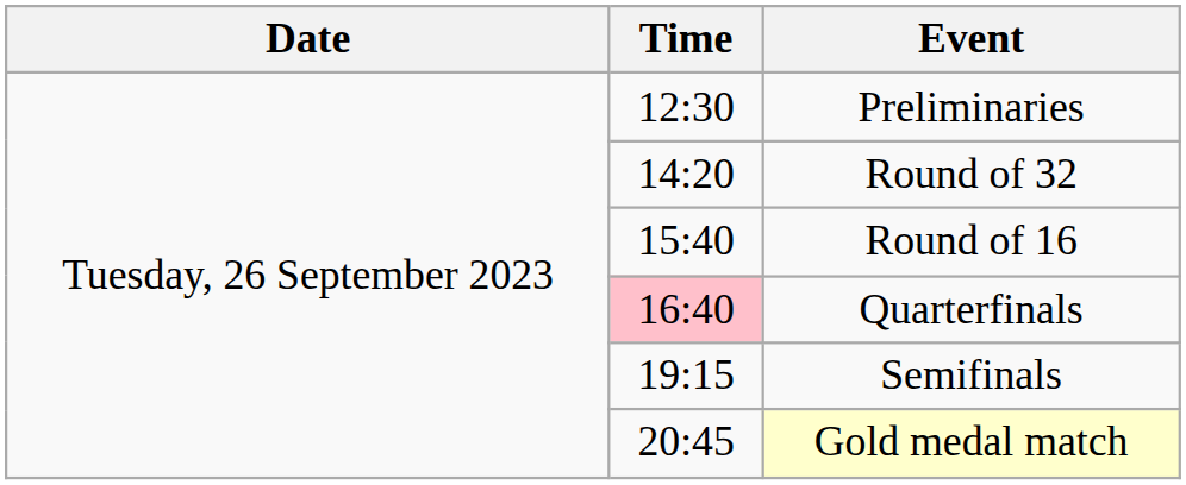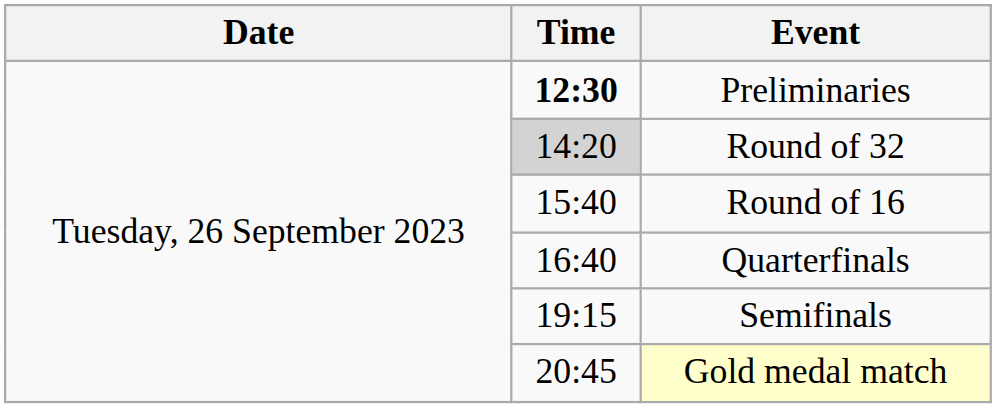 <table class = "wikitable" style="text-align:center;">
 <tr>
 <th width=220>Date</th>
 <th width=50>Time</th>
 <th width=150>Event</th>
 </tr>
 <tr>
 <td rowspan=6>Tuesday, 26 September 2023</td>
-<td>12:30</td>
+<td><strong>12:30</strong></td>
 <td>Preliminaries</td>
 </tr>
 <tr>
-<td>14:20</td>
+<td style="background: lightgrey;">14:20</td>
 <td>Round of 32</td>
 </tr>
 <tr>
 <td>15:40</td>
 <td>Round of 16</td>
 </tr>
 <tr>
-<td style="background: pink;">16:40</td>
+<td>16:40</td>
 <td>Quarterfinals</td>
 </tr>
 <tr>
 <td>19:15</td>
 <td>Semifinals</td>
 </tr>
 <tr>
 <td>20:45</td>
 <td bgcolor=ffffcc>Gold medal match</td>
 </tr>
 </table>
